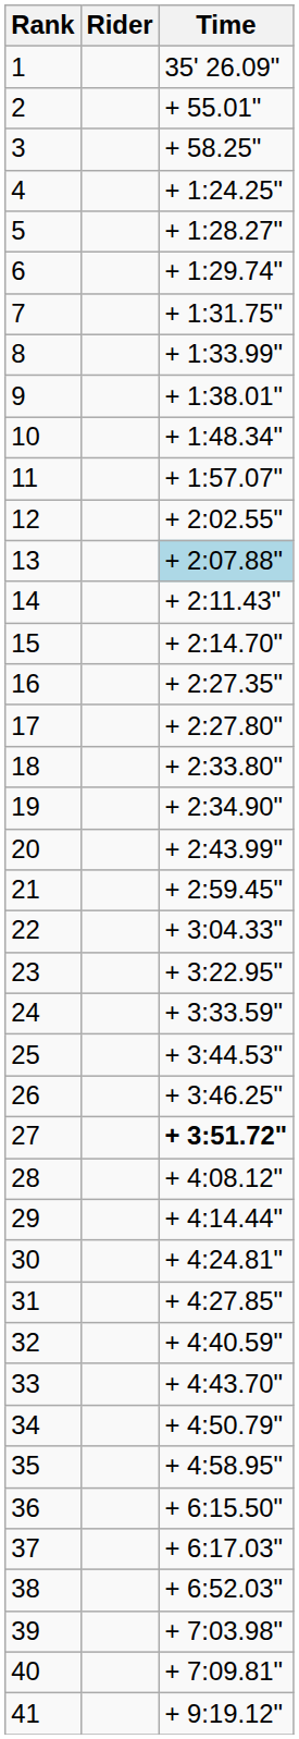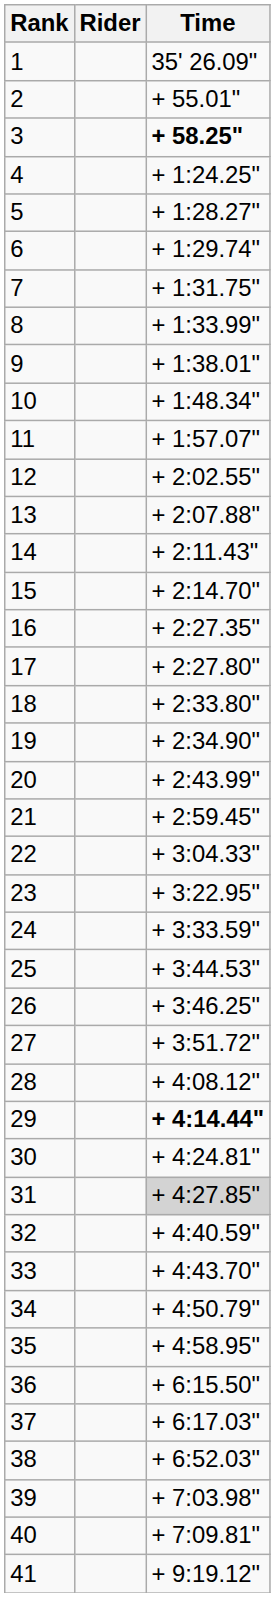 <table class="wikitable">
 <tr>
 <th>Rank</th>
 <th>Rider</th>
 <th>Time</th>
 </tr>
 <tr>
 <td>1</td>
 <td></td>
 <td>35' 26.09"</td>
 </tr>
 <tr>
 <td>2</td>
 <td></td>
 <td>+ 55.01"</td>
 </tr>
 <tr>
 <td>3</td>
 <td></td>
-<td>+ 58.25"</td>
+<td><strong>+ 58.25"</strong></td>
 </tr>
 <tr>
 <td>4</td>
 <td></td>
 <td>+ 1:24.25"</td>
 </tr>
 <tr>
 <td>5</td>
 <td></td>
 <td>+ 1:28.27"</td>
 </tr>
 <tr>
 <td>6</td>
 <td></td>
 <td>+ 1:29.74"</td>
 </tr>
 <tr>
 <td>7</td>
 <td></td>
 <td>+ 1:31.75"</td>
 </tr>
 <tr>
 <td>8</td>
 <td></td>
 <td>+ 1:33.99"</td>
 </tr>
 <tr>
 <td>9</td>
 <td></td>
 <td>+ 1:38.01"</td>
 </tr>
 <tr>
 <td>10</td>
 <td></td>
 <td>+ 1:48.34"</td>
 </tr>
 <tr>
 <td>11</td>
 <td></td>
 <td>+ 1:57.07"</td>
 </tr>
 <tr>
 <td>12</td>
 <td></td>
 <td>+ 2:02.55"</td>
 </tr>
 <tr>
 <td>13</td>
 <td></td>
-<td style="background: lightblue;">+ 2:07.88"</td>
+<td>+ 2:07.88"</td>
 </tr>
 <tr>
 <td>14</td>
 <td></td>
 <td>+ 2:11.43"</td>
 </tr>
 <tr>
 <td>15</td>
 <td></td>
 <td>+ 2:14.70"</td>
 </tr>
 <tr>
 <td>16</td>
 <td></td>
 <td>+ 2:27.35"</td>
 </tr>
 <tr>
 <td>17</td>
 <td></td>
 <td>+ 2:27.80"</td>
 </tr>
 <tr>
 <td>18</td>
 <td></td>
 <td>+ 2:33.80"</td>
 </tr>
 <tr>
 <td>19</td>
 <td></td>
 <td>+ 2:34.90"</td>
 </tr>
 <tr>
 <td>20</td>
 <td></td>
 <td>+ 2:43.99"</td>
 </tr>
 <tr>
 <td>21</td>
 <td></td>
 <td>+ 2:59.45"</td>
 </tr>
 <tr>
 <td>22</td>
 <td></td>
 <td>+ 3:04.33"</td>
 </tr>
 <tr>
 <td>23</td>
 <td></td>
 <td>+ 3:22.95"</td>
 </tr>
 <tr>
 <td>24</td>
 <td></td>
 <td>+ 3:33.59"</td>
 </tr>
 <tr>
 <td>25</td>
 <td></td>
 <td>+ 3:44.53"</td>
 </tr>
 <tr>
 <td>26</td>
 <td></td>
 <td>+ 3:46.25"</td>
 </tr>
 <tr>
 <td>27</td>
 <td></td>
-<td><strong>+ 3:51.72"</strong></td>
+<td>+ 3:51.72"</td>
 </tr>
 <tr>
 <td>28</td>
 <td></td>
 <td>+ 4:08.12"</td>
 </tr>
 <tr>
 <td>29</td>
 <td></td>
-<td>+ 4:14.44"</td>
+<td><strong>+ 4:14.44"</strong></td>
 </tr>
 <tr>
 <td>30</td>
 <td></td>
 <td>+ 4:24.81"</td>
 </tr>
 <tr>
 <td>31</td>
 <td></td>
-<td>+ 4:27.85"</td>
+<td style="background: lightgrey;">+ 4:27.85"</td>
 </tr>
 <tr>
 <td>32</td>
 <td></td>
 <td>+ 4:40.59"</td>
 </tr>
 <tr>
 <td>33</td>
 <td></td>
 <td>+ 4:43.70"</td>
 </tr>
 <tr>
 <td>34</td>
 <td></td>
 <td>+ 4:50.79"</td>
 </tr>
 <tr>
 <td>35</td>
 <td></td>
 <td>+ 4:58.95"</td>
 </tr>
 <tr>
 <td>36</td>
 <td></td>
 <td>+ 6:15.50"</td>
 </tr>
 <tr>
 <td>37</td>
 <td></td>
 <td>+ 6:17.03"</td>
 </tr>
 <tr>
 <td>38</td>
 <td></td>
 <td>+ 6:52.03"</td>
 </tr>
 <tr>
 <td>39</td>
 <td></td>
 <td>+ 7:03.98"</td>
 </tr>
 <tr>
 <td>40</td>
 <td></td>
 <td>+ 7:09.81"</td>
 </tr>
 <tr>
 <td>41</td>
 <td></td>
 <td>+ 9:19.12"</td>
 </tr>
 </table>
